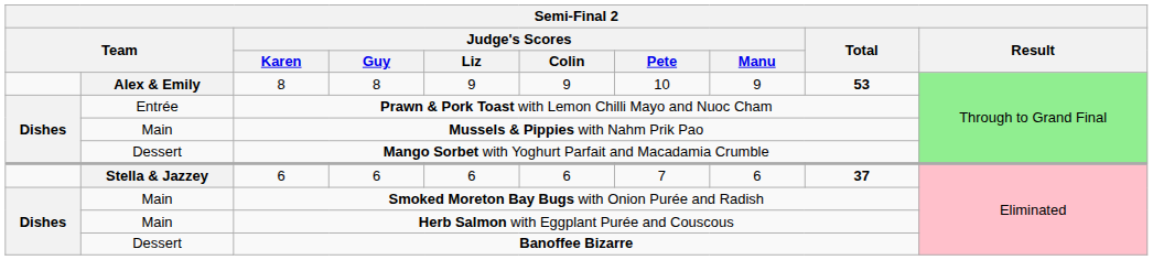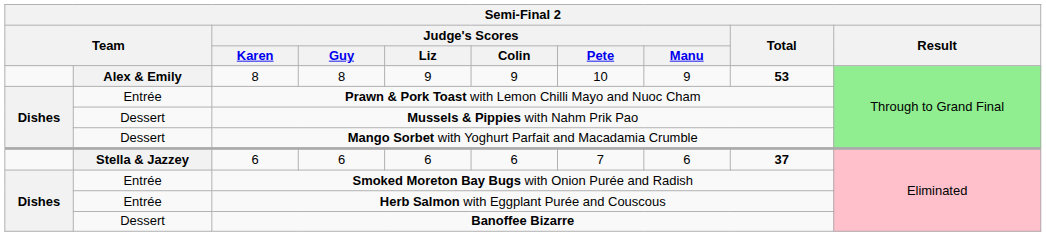 <table class="wikitable plainrowheaders" style="margin:1em auto; text-align:center; font-size:90%; width:80em;">
 <tr>
 <th colspan="10" >Semi-Final 2</th>
 </tr>
 <tr>
 <th rowspan="2" style="width:20%;" colspan="2">Team</th>
 <th colspan="6" style="width:50%;">Judge's Scores</th>
 <th rowspan="2" style="width:10%;">Total<br></th>
 <th rowspan="2" style="width:20%;">Result</th>
 </tr>
 <tr>
 <th style="width:50px;"><a href='#'>Karen</a></th>
 <th style="width:50px;"><a href='#'>Guy</a></th>
 <th style="width:50px;">Liz</th>
 <th style="width:50px;">Colin</th>
 <th style="width:50px;"><a href='#'>Pete</a></th>
 <th style="width:50px;"><a href='#'>Manu</a></th>
 </tr>
 <tr>
 <td></td>
 <th>Alex & Emily</th>
 <td>8</td>
 <td>8</td>
 <td>9</td>
 <td>9</td>
 <td>10</td>
 <td>9</td>
 <td><strong>53</strong></td>
 <td rowspan="4" style="background:lightgreen">Through to Grand Final</td>
 </tr>
 <tr>
 <th rowspan="3">Dishes</th>
 <td>Entrée</td>
 <td colspan="7"><strong>Prawn & Pork Toast</strong> with Lemon Chilli Mayo and Nuoc Cham</td>
 </tr>
 <tr>
-<td>Main</td>
+<td>Dessert</td>
 <td colspan="7"><strong>Mussels & Pippies</strong> with Nahm Prik Pao</td>
 </tr>
 <tr>
 <td>Dessert</td>
 <td colspan="7"><strong>Mango Sorbet</strong> with Yoghurt Parfait and Macadamia Crumble</td>
 </tr>
 <tr style="border-top:3px solid #aaa;">
 <td></td>
 <th>Stella & Jazzey</th>
 <td>6</td>
 <td>6</td>
 <td>6</td>
 <td>6</td>
 <td>7</td>
 <td>6</td>
 <td><strong>37</strong></td>
 <td style="background:pink" rowspan="4">Eliminated</td>
 </tr>
 <tr>
 <th rowspan="3">Dishes</th>
-<td>Main</td>
+<td>Entrée</td>
 <td colspan="7"><strong>Smoked Moreton Bay Bugs</strong> with Onion Purée and Radish</td>
 </tr>
 <tr>
-<td>Main</td>
+<td>Entrée</td>
 <td colspan="7"><strong>Herb Salmon</strong> with Eggplant Purée and Couscous</td>
 </tr>
 <tr>
 <td>Dessert</td>
 <td colspan="7"><strong>Banoffee Bizarre</strong></td>
 </tr>
 </table>
